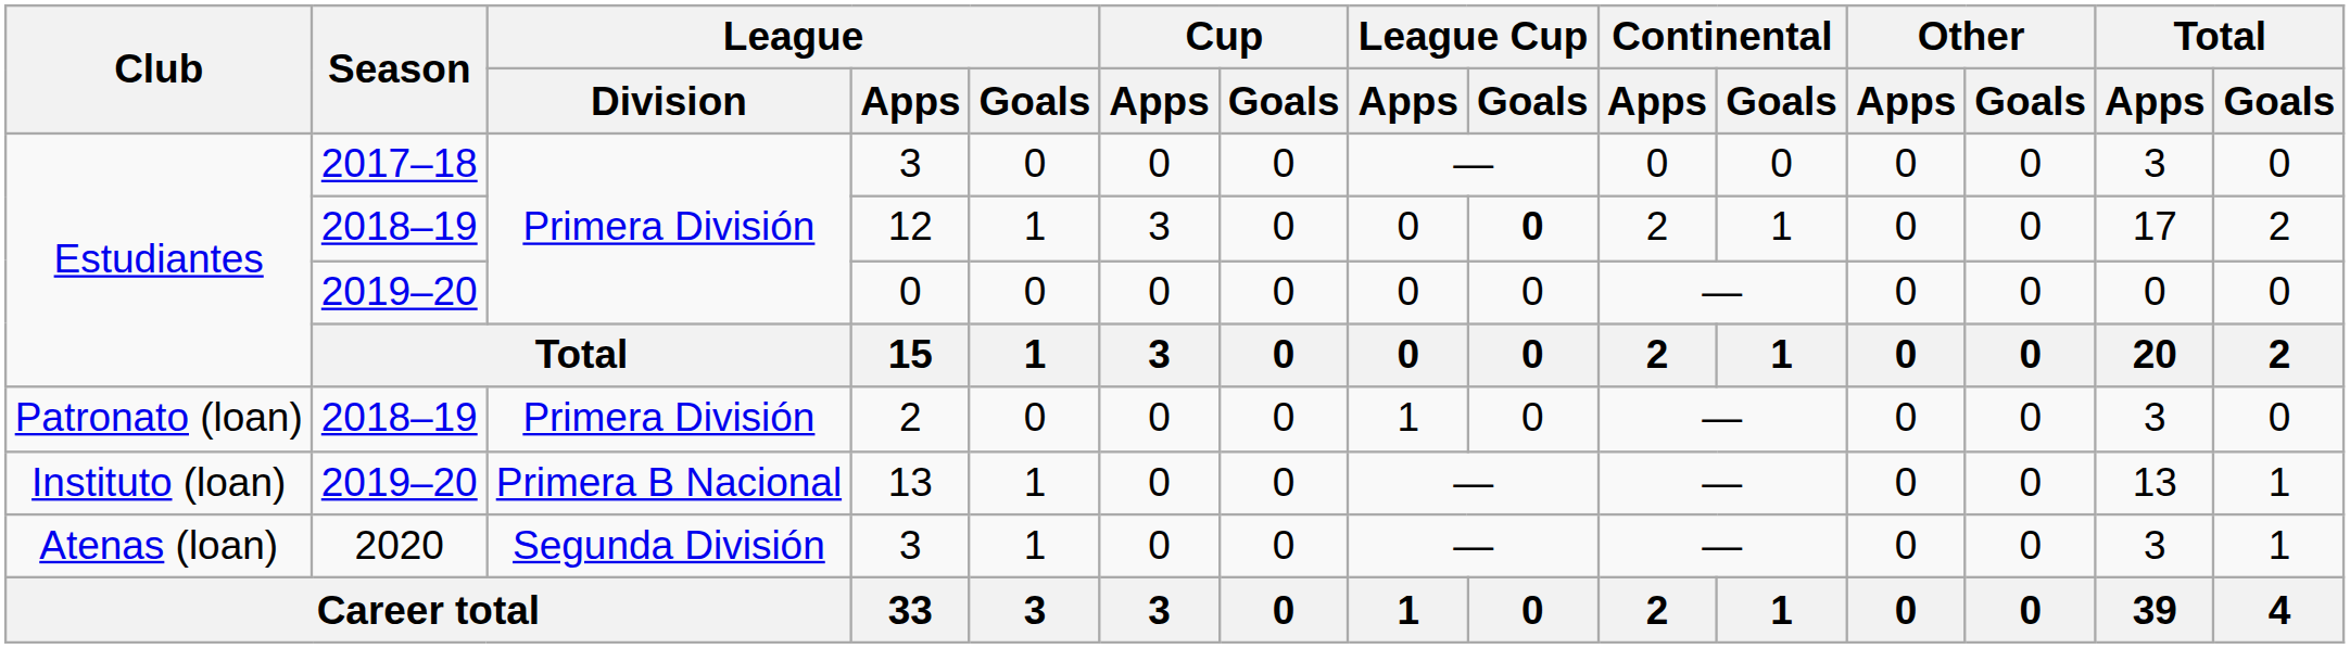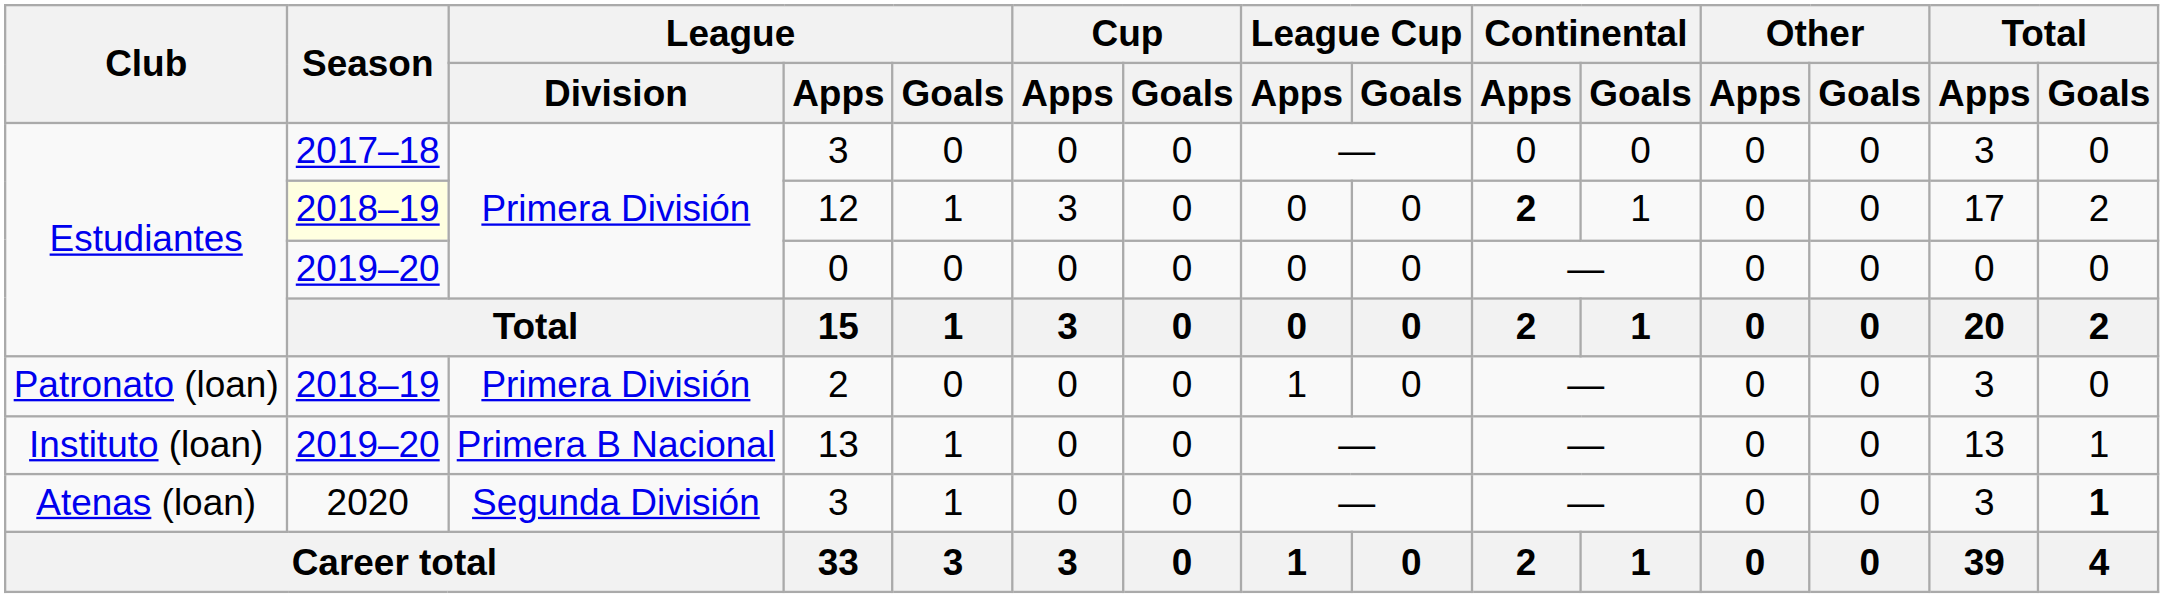 <table class="wikitable" style="text-align:center">
 <tr>
 <th rowspan="2">Club</th>
 <th rowspan="2">Season</th>
 <th colspan="3">League</th>
 <th colspan="2">Cup</th>
 <th colspan="2">League Cup</th>
 <th colspan="2">Continental</th>
 <th colspan="2">Other</th>
 <th colspan="2">Total</th>
 </tr>
 <tr>
 <th>Division</th>
 <th>Apps</th>
 <th>Goals</th>
 <th>Apps</th>
 <th>Goals</th>
 <th>Apps</th>
 <th>Goals</th>
 <th>Apps</th>
 <th>Goals</th>
 <th>Apps</th>
 <th>Goals</th>
 <th>Apps</th>
 <th>Goals</th>
 </tr>
 <tr>
 <td rowspan="4"><a href='#'>Estudiantes</a></td>
 <td><a href='#'>2017–18</a></td>
 <td rowspan="3"><a href='#'>Primera División</a></td>
 <td>3</td>
 <td>0</td>
 <td>0</td>
 <td>0</td>
 <td colspan="2">—</td>
 <td>0</td>
 <td>0</td>
 <td>0</td>
 <td>0</td>
 <td>3</td>
 <td>0</td>
 </tr>
 <tr>
-<td><a href='#'>2018–19</a></td>
+<td style="background: lightyellow;"><a href='#'>2018–19</a></td>
 <td>12</td>
 <td>1</td>
 <td>3</td>
 <td>0</td>
 <td>0</td>
-<td><strong>0</strong></td>
-<td>2</td>
+<td>0</td>
+<td><strong>2</strong></td>
 <td>1</td>
 <td>0</td>
 <td>0</td>
 <td>17</td>
 <td>2</td>
 </tr>
 <tr>
 <td><a href='#'>2019–20</a></td>
 <td>0</td>
 <td>0</td>
 <td>0</td>
 <td>0</td>
 <td>0</td>
 <td>0</td>
 <td colspan="2">—</td>
 <td>0</td>
 <td>0</td>
 <td>0</td>
 <td>0</td>
 </tr>
 <tr>
 <th colspan="2">Total</th>
 <th>15</th>
 <th>1</th>
 <th>3</th>
 <th>0</th>
 <th>0</th>
 <th>0</th>
 <th>2</th>
 <th>1</th>
 <th>0</th>
 <th>0</th>
 <th>20</th>
 <th>2</th>
 </tr>
 <tr>
 <td rowspan="1"><a href='#'>Patronato</a> (loan)</td>
 <td><a href='#'>2018–19</a></td>
 <td rowspan="1"><a href='#'>Primera División</a></td>
 <td>2</td>
 <td>0</td>
 <td>0</td>
 <td>0</td>
 <td>1</td>
 <td>0</td>
 <td colspan="2">—</td>
 <td>0</td>
 <td>0</td>
 <td>3</td>
 <td>0</td>
 </tr>
 <tr>
 <td rowspan="1"><a href='#'>Instituto</a> (loan)</td>
 <td><a href='#'>2019–20</a></td>
 <td rowspan="1"><a href='#'>Primera B Nacional</a></td>
 <td>13</td>
 <td>1</td>
 <td>0</td>
 <td>0</td>
 <td colspan="2">—</td>
 <td colspan="2">—</td>
 <td>0</td>
 <td>0</td>
 <td>13</td>
 <td>1</td>
 </tr>
 <tr>
 <td rowspan="1"><a href='#'>Atenas</a> (loan)</td>
 <td>2020</td>
 <td rowspan="1"><a href='#'>Segunda División</a></td>
 <td>3</td>
 <td>1</td>
 <td>0</td>
 <td>0</td>
 <td colspan="2">—</td>
 <td colspan="2">—</td>
 <td>0</td>
 <td>0</td>
 <td>3</td>
-<td>1</td>
+<td><strong>1</strong></td>
 </tr>
 <tr>
 <th colspan="3">Career total</th>
 <th>33</th>
 <th>3</th>
 <th>3</th>
 <th>0</th>
 <th>1</th>
 <th>0</th>
 <th>2</th>
 <th>1</th>
 <th>0</th>
 <th>0</th>
 <th>39</th>
 <th>4</th>
 </tr>
 </table>
